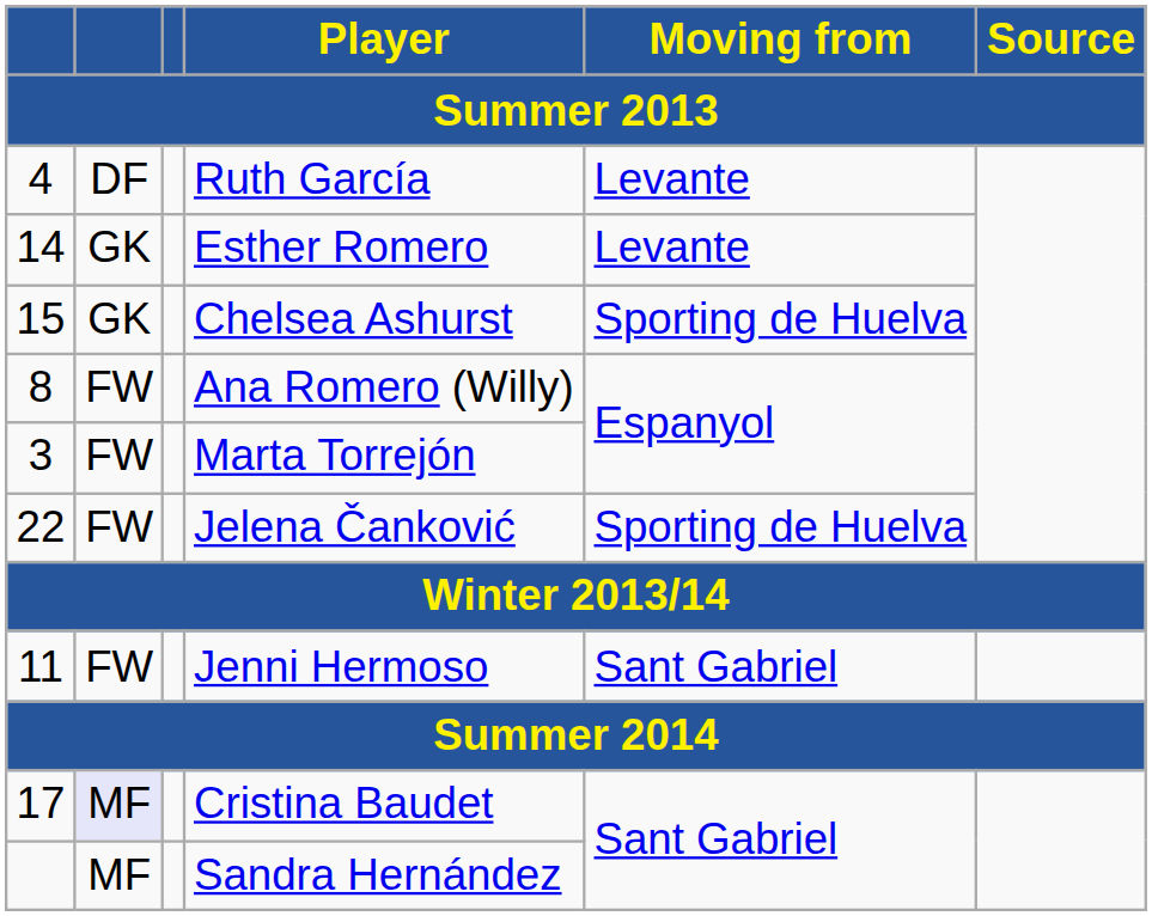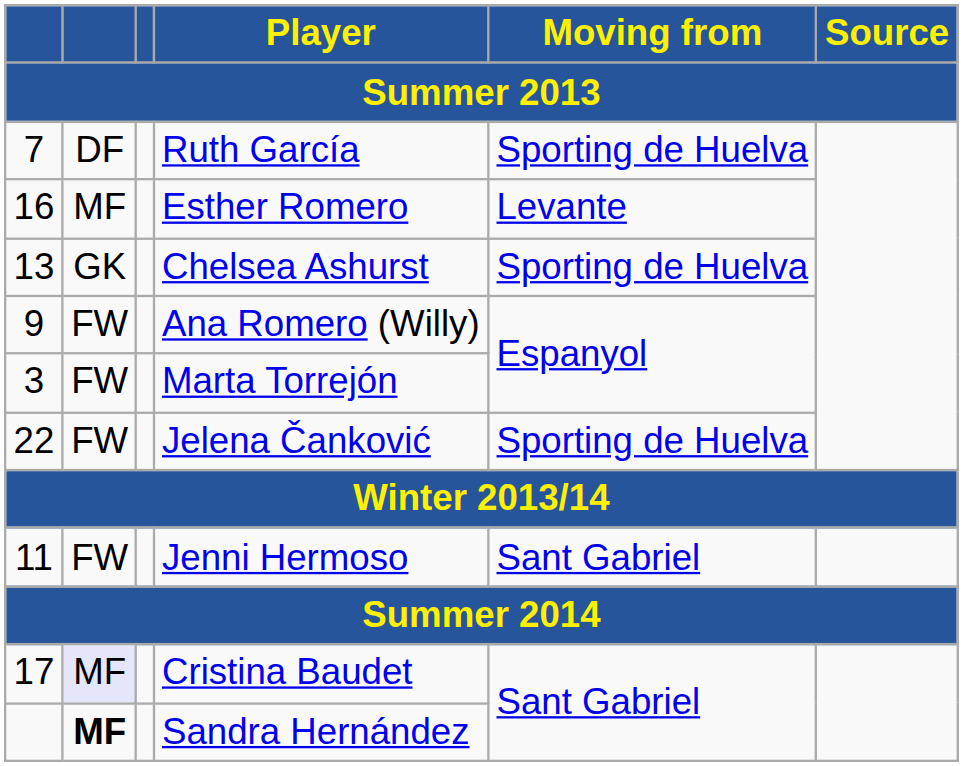 <table class="wikitable plainrowheaders sortable" style="text-align:center">
 <tr>
 <th style="background:#26559B; color:#FFF000; "></th>
 <th style="background:#26559B; color:#FFF000; "></th>
 <th style="background:#26559B; color:#FFF000; "></th>
 <th style="background:#26559B; color:#FFF000; ">Player</th>
 <th style="background:#26559B; color:#FFF000; ">Moving from</th>
 <th style="background:#26559B; color:#FFF000; ">Source</th>
 </tr>
 <tr>
 <th colspan=8 style="background:#26559B; color:#FFF000; ">Summer 2013</th>
 </tr>
 <tr>
-<td>4</td>
+<td>7</td>
 <td>DF</td>
 <td></td>
 <td align=left><a href='#'>Ruth García</a></td>
-<td align="left"><a href='#'>Levante</a></td>
+<td align=left><a href='#'>Sporting de Huelva</a></td>
 <td rowspan="6"></td>
 </tr>
 <tr>
-<td>14</td>
-<td>GK</td>
+<td>16</td>
+<td>MF</td>
 <td></td>
 <td align="left"><a href='#'>Esther Romero</a></td>
 <td align="left"><a href='#'>Levante</a></td>
 </tr>
 <tr>
-<td>15</td>
+<td>13</td>
 <td>GK</td>
 <td></td>
 <td align=left><a href='#'>Chelsea Ashurst</a></td>
 <td align=left><a href='#'>Sporting de Huelva</a></td>
 </tr>
 <tr>
-<td>8</td>
+<td>9</td>
 <td>FW</td>
 <td></td>
 <td align=left><a href='#'>Ana Romero</a> (Willy)</td>
 <td rowspan="2" align=left><a href='#'>Espanyol</a></td>
 </tr>
 <tr>
 <td>3</td>
 <td>FW</td>
 <td></td>
 <td align=left><a href='#'>Marta Torrejón</a></td>
 </tr>
 <tr>
 <td>22</td>
 <td>FW</td>
 <td></td>
 <td align=left><a href='#'>Jelena Čanković</a></td>
 <td align=left><a href='#'>Sporting de Huelva</a></td>
 </tr>
 <tr>
 <th colspan=8 style="background:#26559B; color:#FFF000; ">Winter 2013/14</th>
 </tr>
 <tr>
 <td>11</td>
 <td>FW</td>
 <td></td>
 <td align=left><a href='#'>Jenni Hermoso</a></td>
 <td align="left"><a href='#'>Sant Gabriel</a></td>
 <td></td>
 </tr>
 <tr>
 <th colspan=8 style="background:#26559B; color:#FFF000; ">Summer 2014</th>
 </tr>
 <tr>
 <td>17</td>
 <td style="background: lavender;">MF</td>
 <td></td>
 <td align="left"><a href='#'>Cristina Baudet</a></td>
 <td align="left" rowspan="2"><a href='#'>Sant Gabriel</a></td>
 <td rowspan="2"></td>
 </tr>
 <tr>
 <td></td>
-<td>MF</td>
+<td><strong>MF</strong></td>
 <td></td>
 <td align="left"><a href='#'>Sandra Hernández</a></td>
 </tr>
 </table>
